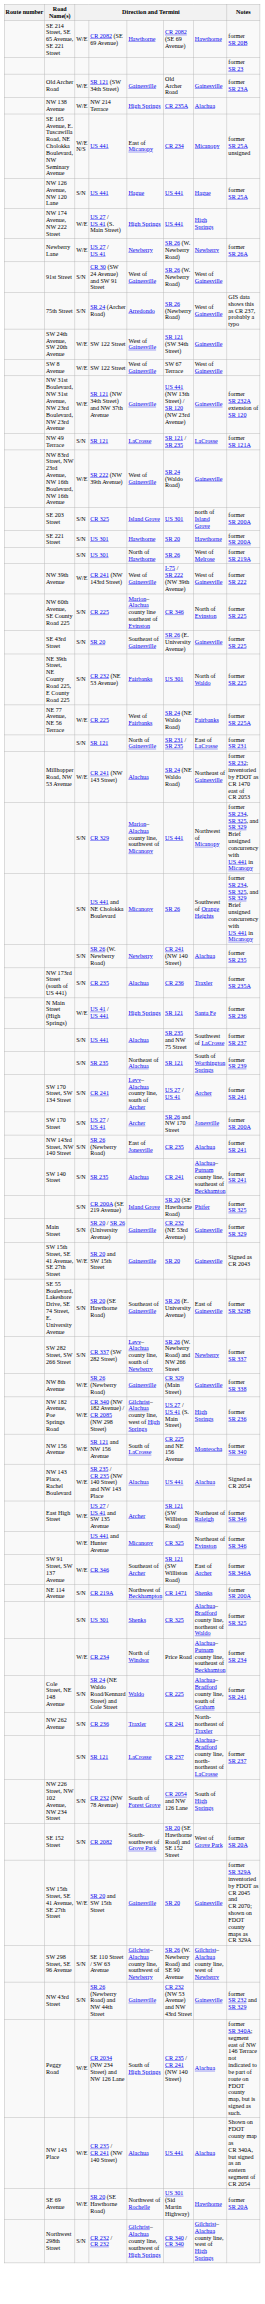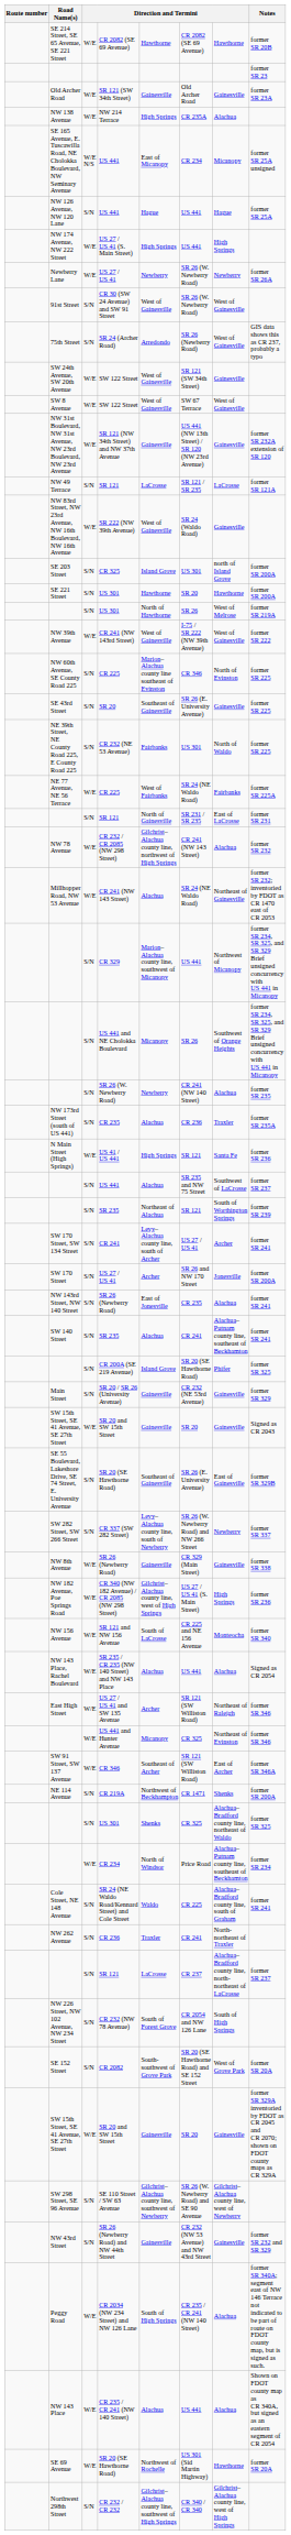 <table class="wikitable">
 <tr>
 <th>Route number</th>
 <th>Road Name(s)</th>
 <th colspan=5>Direction and Termini</th>
 <th>Notes</th>
 </tr>
 <tr>
 <td></td>
 <td>SE 214 Street, SE 65 Avenue, SE 221 Street</td>
 <td>W/E</td>
 <td><a href='#'>CR 2082</a> (SE 69 Avenue)</td>
 <td><a href='#'>Hawthorne</a></td>
 <td><a href='#'>CR 2082</a> (SE 69 Avenue)</td>
 <td><a href='#'>Hawthorne</a></td>
 <td>former <a href='#'>SR 20B</a></td>
 </tr>
 <tr>
 <td></td>
 <td></td>
 <td></td>
 <td></td>
 <td></td>
 <td></td>
 <td></td>
 <td>former <a href='#'>SR 23</a></td>
 </tr>
 <tr>
 <td></td>
 <td>Old Archer Road</td>
 <td>W/E</td>
 <td><a href='#'>SR 121</a> (SW 34th Street)</td>
 <td><a href='#'>Gainesville</a></td>
 <td>Old Archer Road</td>
 <td><a href='#'>Gainesville</a></td>
 <td>former <a href='#'>SR 23A</a></td>
 </tr>
 <tr>
 <td></td>
 <td>NW 138 Avenue</td>
 <td>W/E</td>
 <td>NW 214 Terrace</td>
 <td><a href='#'>High Springs</a></td>
 <td><a href='#'>CR 235A</a></td>
 <td><a href='#'>Alachua</a></td>
 <td></td>
 </tr>
 <tr>
 <td></td>
 <td>SE 165 Avenue, E. Tuscawilla Road, NE Cholokka Boulevard, NW Seminary Avenue</td>
 <td>W/E<br>N/S</td>
 <td><a href='#'>US 441</a></td>
 <td>East of <a href='#'>Micanopy</a></td>
 <td><a href='#'>CR 234</a></td>
 <td><a href='#'>Micanopy</a></td>
 <td>former <a href='#'>SR 25A</a><br>unsigned</td>
 </tr>
 <tr>
 <td></td>
 <td>NW 126 Avenue, NW 120 Lane</td>
 <td>S/N</td>
 <td><a href='#'>US 441</a></td>
 <td><a href='#'>Hague</a></td>
 <td><a href='#'>US 441</a></td>
 <td><a href='#'>Hague</a></td>
 <td>former <a href='#'>SR 25A</a></td>
 </tr>
 <tr>
 <td></td>
 <td>NW 174 Avenue, NW 222 Street</td>
 <td>W/E</td>
 <td><a href='#'>US 27</a> / <a href='#'>US 41</a> (S. Main Street)</td>
 <td><a href='#'>High Springs</a></td>
 <td><a href='#'>US 441</a></td>
 <td><a href='#'>High Springs</a></td>
 <td></td>
 </tr>
 <tr>
 <td></td>
 <td>Newberry Lane</td>
 <td>W/E</td>
 <td><a href='#'>US 27</a> / <a href='#'>US 41</a></td>
 <td><a href='#'>Newberry</a></td>
 <td><a href='#'>SR 26</a> (W. Newberry Road)</td>
 <td><a href='#'>Newberry</a></td>
 <td>former <a href='#'>SR 26A</a></td>
 </tr>
 <tr>
 <td></td>
 <td>91st Street</td>
 <td>S/N</td>
 <td><a href='#'>CR 30</a> (SW 24 Avenue) and SW 91 Street</td>
 <td>West of <a href='#'>Gainesville</a></td>
 <td><a href='#'>SR 26</a> (W. Newberry Road)</td>
 <td>West of <a href='#'>Gainesville</a></td>
 <td></td>
 </tr>
 <tr>
 <td></td>
 <td>75th Street</td>
 <td>S/N</td>
 <td><a href='#'>SR 24</a> (Archer Road)</td>
 <td><a href='#'>Arredondo</a></td>
 <td><a href='#'>SR 26</a> (Newberry Road)</td>
 <td>West of <a href='#'>Gainesville</a></td>
 <td>GIS data shows this as CR 237, probably a typo</td>
 </tr>
 <tr>
 <td></td>
 <td>SW 24th Avenue, SW 20th Avenue</td>
 <td>W/E</td>
 <td>SW 122 Street</td>
 <td>West of <a href='#'>Gainesville</a></td>
 <td><a href='#'>SR 121</a> (SW 34th Street)</td>
 <td><a href='#'>Gainesville</a></td>
 <td></td>
 </tr>
 <tr>
 <td></td>
 <td>SW 8 Avenue</td>
 <td>W/E</td>
 <td>SW 122 Street</td>
 <td>West of <a href='#'>Gainesville</a></td>
 <td>SW 67 Terrace</td>
 <td>West of <a href='#'>Gainesville</a></td>
 <td></td>
 </tr>
 <tr>
 <td></td>
 <td>NW 31st Boulevard, NW 31st Avenue, NW 23rd Boulevard, NW 23rd Avenue</td>
 <td>W/E</td>
 <td><a href='#'>SR 121</a> (NW 34th Street) and NW 37th Avenue</td>
 <td><a href='#'>Gainesville</a></td>
 <td><a href='#'>US 441</a> (NW 13th Street) / <a href='#'>SR 120</a> (NW 23rd Avenue)</td>
 <td><a href='#'>Gainesville</a></td>
 <td>former <a href='#'>SR 232A</a><br>extension of <a href='#'>SR 120</a></td>
 </tr>
 <tr>
 <td></td>
 <td>NW 49 Terrace</td>
 <td>S/N</td>
 <td><a href='#'>SR 121</a></td>
 <td><a href='#'>LaCrosse</a></td>
 <td><a href='#'>SR 121</a> / <a href='#'>SR 235</a></td>
 <td><a href='#'>LaCrosse</a></td>
 <td>former <a href='#'>SR 121A</a></td>
 </tr>
 <tr>
 <td></td>
 <td>NW 83rd Street, NW 23rd Avenue, NW 16th Boulevard, NW 16th Avenue</td>
 <td>W/E</td>
 <td><a href='#'>SR 222</a> (NW 39th Avenue)</td>
 <td>West of <a href='#'>Gainesville</a></td>
 <td><a href='#'>SR 24</a> (Waldo Road)</td>
 <td><a href='#'>Gainesville</a></td>
 <td></td>
 </tr>
 <tr>
 <td></td>
 <td>SE 203 Street</td>
 <td>S/N</td>
 <td><a href='#'>CR 325</a></td>
 <td><a href='#'>Island Grove</a></td>
 <td><a href='#'>US 301</a></td>
 <td>north of <a href='#'>Island Grove</a></td>
 <td>former <a href='#'>SR 200A</a></td>
 </tr>
 <tr>
 <td></td>
 <td>SE 221 Street</td>
 <td>S/N</td>
 <td><a href='#'>US 301</a></td>
 <td><a href='#'>Hawthorne</a></td>
 <td><a href='#'>SR 20</a></td>
 <td><a href='#'>Hawthorne</a></td>
 <td>former <a href='#'>SR 200A</a></td>
 </tr>
 <tr>
 <td></td>
 <td></td>
 <td>S/N</td>
 <td><a href='#'>US 301</a></td>
 <td>North of <a href='#'>Hawthorne</a></td>
 <td><a href='#'>SR 26</a></td>
 <td>West of <a href='#'>Melrose</a></td>
 <td>former <a href='#'>SR 219A</a></td>
 </tr>
 <tr>
 <td></td>
 <td>NW 39th Avenue</td>
 <td>W/E</td>
 <td><a href='#'>CR 241</a> (NW 143rd Street)</td>
 <td>West of <a href='#'>Gainesville</a></td>
 <td><a href='#'>I-75</a> / <a href='#'>SR 222</a> (NW 39th Avenue)</td>
 <td>West of <a href='#'>Gainesville</a></td>
 <td>former <a href='#'>SR 222</a></td>
 </tr>
 <tr>
 <td></td>
 <td>NW 60th Avenue,<br>SE County Road 225</td>
 <td>S/N</td>
 <td><a href='#'>CR 225</a></td>
 <td><a href='#'>Marion</a>–<a href='#'>Alachua</a> county line southeast of <a href='#'>Evinston</a></td>
 <td><a href='#'>CR 346</a></td>
 <td>North of <a href='#'>Evinston</a></td>
 <td>former <a href='#'>SR 225</a></td>
 </tr>
 <tr>
 <td></td>
 <td>SE 43rd Street</td>
 <td>S/N</td>
 <td><a href='#'>SR 20</a></td>
 <td>Southeast of <a href='#'>Gainesville</a></td>
 <td><a href='#'>SR 26</a> (E. University Avenue)</td>
 <td><a href='#'>Gainesville</a></td>
 <td>former <a href='#'>SR 225</a></td>
 </tr>
 <tr>
 <td></td>
 <td>NE 39th Street,<br>NE County Road 225,<br>E County Road 225</td>
 <td>S/N</td>
 <td><a href='#'>CR 232</a> (NE 53 Avenue)</td>
 <td><a href='#'>Fairbanks</a></td>
 <td><a href='#'>US 301</a></td>
 <td>North of <a href='#'>Waldo</a></td>
 <td>former <a href='#'>SR 225</a></td>
 </tr>
 <tr>
 <td></td>
 <td>NE 77 Avenue, NE 56 Terrace</td>
 <td>W/E</td>
 <td><a href='#'>CR 225</a></td>
 <td>West of <a href='#'>Fairbanks</a></td>
 <td><a href='#'>SR 24</a> (NE Waldo Road)</td>
 <td><a href='#'>Fairbanks</a></td>
 <td>former <a href='#'>SR 225A</a></td>
 </tr>
 <tr>
 <td></td>
 <td></td>
 <td>S/N</td>
 <td><a href='#'>SR 121</a></td>
 <td>North of <a href='#'>Gainesville</a></td>
 <td><a href='#'>SR 231</a> / <a href='#'>SR 235</a></td>
 <td>East of <a href='#'>LaCrosse</a></td>
 <td>former <a href='#'>SR 231</a></td>
+</tr>
+<tr>
+<td></td>
+<td>NW 78 Avenue</td>
+<td>W/E</td>
+<td><a href='#'>CR 232</a> / <a href='#'>CR 2085</a> (NW 298 Street)</td>
+<td><a href='#'>Gilchrist</a>–<a href='#'>Alachua</a> county line, northwest of <a href='#'>High Springs</a></td>
+<td><a href='#'>CR 241</a> (NW 143 Street)</td>
+<td><a href='#'>Alachua</a></td>
+<td>former <a href='#'>SR 232</a></td>
 </tr>
 <tr>
 <td></td>
 <td>Millhopper Road, NW 53 Avenue</td>
 <td>W/E</td>
 <td><a href='#'>CR 241</a> (NW 143 Street)</td>
 <td><a href='#'>Alachua</a></td>
 <td><a href='#'>SR 24</a> (NE Waldo Road)</td>
 <td>Northeast of <a href='#'>Gainesville</a></td>
 <td>former <a href='#'>SR 232</a>; inventoried by FDOT as CR 1470 east of CR 2053</td>
 </tr>
 <tr>
 <td></td>
 <td></td>
 <td>S/N</td>
 <td><a href='#'>CR 329</a></td>
 <td><a href='#'>Marion</a>–<a href='#'>Alachua</a> county line, southwest of <a href='#'>Micanopy</a></td>
 <td><a href='#'>US 441</a></td>
 <td>Northwest of <a href='#'>Micanopy</a></td>
 <td>former <a href='#'>SR 234</a>, <a href='#'>SR 325</a>, and <a href='#'>SR 329</a><br>Brief unsigned concurrency with <a href='#'>US 441</a> in <a href='#'>Micanopy</a></td>
 </tr>
 <tr>
 <td></td>
 <td></td>
 <td>S/N</td>
 <td><a href='#'>US 441</a> and NE Cholokka Boulevard</td>
 <td><a href='#'>Micanopy</a></td>
 <td><a href='#'>SR 26</a></td>
 <td>Southwest of <a href='#'>Orange Heights</a></td>
 <td>former <a href='#'>SR 234</a>, <a href='#'>SR 325</a>, and <a href='#'>SR 329</a><br>Brief unsigned concurrency with <a href='#'>US 441</a> in <a href='#'>Micanopy</a></td>
 </tr>
 <tr>
 <td></td>
 <td></td>
 <td>S/N</td>
 <td><a href='#'>SR 26</a> (W. Newberry Road)</td>
 <td><a href='#'>Newberry</a></td>
 <td><a href='#'>CR 241</a> (NW 140 Street)</td>
 <td><a href='#'>Alachua</a></td>
 <td>former <a href='#'>SR 235</a></td>
 </tr>
 <tr>
 <td></td>
 <td>NW 173rd Street (south of US 441)</td>
 <td>S/N</td>
 <td><a href='#'>CR 235</a></td>
 <td><a href='#'>Alachua</a></td>
 <td><a href='#'>CR 236</a></td>
 <td><a href='#'>Traxler</a></td>
 <td>former <a href='#'>SR 235A</a></td>
 </tr>
 <tr>
 <td></td>
 <td>N Main Street (High Springs)</td>
 <td>W/E</td>
 <td><a href='#'>US 41</a> / <a href='#'>US 441</a></td>
 <td><a href='#'>High Springs</a></td>
 <td><a href='#'>SR 121</a></td>
 <td><a href='#'>Santa Fe</a></td>
 <td>former <a href='#'>SR 236</a></td>
 </tr>
 <tr>
 <td></td>
 <td></td>
 <td>S/N</td>
 <td><a href='#'>US 441</a></td>
 <td><a href='#'>Alachua</a></td>
 <td><a href='#'>SR 235</a> and NW 75 Street</td>
 <td>Southwest of <a href='#'>LaCrosse</a></td>
 <td>former <a href='#'>SR 237</a></td>
 </tr>
 <tr>
 <td></td>
 <td></td>
 <td>S/N</td>
 <td><a href='#'>SR 235</a></td>
 <td>Northeast of <a href='#'>Alachua</a></td>
 <td><a href='#'>SR 121</a></td>
 <td>South of <a href='#'>Worthington Springs</a></td>
 <td>former <a href='#'>SR 239</a></td>
 </tr>
 <tr>
 <td></td>
 <td>SW 170 Street, SW 134 Street</td>
 <td>S/N</td>
 <td><a href='#'>CR 241</a></td>
 <td><a href='#'>Levy</a>–<a href='#'>Alachua</a> county line, south of <a href='#'>Archer</a></td>
 <td><a href='#'>US 27</a> / <a href='#'>US 41</a></td>
 <td><a href='#'>Archer</a></td>
 <td>former <a href='#'>SR 241</a></td>
 </tr>
 <tr>
 <td></td>
 <td>SW 170 Street</td>
 <td>S/N</td>
 <td><a href='#'>US 27</a> / <a href='#'>US 41</a></td>
 <td><a href='#'>Archer</a></td>
 <td><a href='#'>SR 26</a> and NW 170 Street</td>
 <td><a href='#'>Jonesville</a></td>
 <td>former <a href='#'>SR 200A</a></td>
 </tr>
 <tr>
 <td></td>
 <td>NW 143rd Street, NW 140 Street</td>
 <td>S/N</td>
 <td><a href='#'>SR 26</a> (Newberry Road)</td>
 <td>East of <a href='#'>Jonesville</a></td>
 <td><a href='#'>CR 235</a></td>
 <td><a href='#'>Alachua</a></td>
 <td>former <a href='#'>SR 241</a></td>
 </tr>
 <tr>
 <td></td>
 <td>SW 140 Street</td>
 <td>S/N</td>
 <td><a href='#'>SR 235</a></td>
 <td><a href='#'>Alachua</a></td>
 <td><a href='#'>CR 241</a></td>
 <td><a href='#'>Alachua</a>–<a href='#'>Putnam</a> county line, southeast of <a href='#'>Beckhamton</a></td>
 <td>former <a href='#'>SR 241</a></td>
 </tr>
 <tr>
 <td></td>
 <td></td>
 <td>S/N</td>
 <td><a href='#'>CR 200A</a> (SE 219 Avenue)</td>
 <td><a href='#'>Island Grove</a></td>
 <td><a href='#'>SR 20</a> (SE Hawthorne Road)</td>
 <td><a href='#'>Phifer</a></td>
 <td>former <a href='#'>SR 325</a></td>
 </tr>
 <tr>
 <td></td>
 <td>Main Street</td>
 <td>S/N</td>
 <td><a href='#'>SR 20</a> / <a href='#'>SR 26</a> (University Avenue)</td>
 <td><a href='#'>Gainesville</a></td>
 <td><a href='#'>CR 232</a> (NE 53rd Avenue)</td>
 <td><a href='#'>Gainesville</a></td>
 <td>former <a href='#'>SR 329</a></td>
 </tr>
 <tr>
 <td></td>
 <td>SW 15th Street, SE 41 Avenue, SE 27th Street</td>
 <td>W/E</td>
 <td><a href='#'>SR 20</a> and SW 15th Street</td>
 <td><a href='#'>Gainesville</a></td>
 <td><a href='#'>SR 20</a></td>
 <td><a href='#'>Gainesville</a></td>
 <td>Signed as CR 2043</td>
 </tr>
 <tr>
 <td></td>
 <td>SE 55 Boulevard, Lakeshore Drive, SE 74 Street, E. University Avenue</td>
 <td>S/N</td>
 <td><a href='#'>SR 20</a> (SE Hawthorne Road)</td>
 <td>Southeast of <a href='#'>Gainesville</a></td>
 <td><a href='#'>SR 26</a> (E. University Avenue)</td>
 <td>East of <a href='#'>Gainesville</a></td>
 <td>former <a href='#'>SR 329B</a></td>
 </tr>
 <tr>
 <td></td>
 <td>SW 282 Street, SW 266 Street</td>
 <td>S/N</td>
 <td><a href='#'>CR 337</a> (SW 282 Street)</td>
 <td><a href='#'>Levy</a>–<a href='#'>Alachua</a> county line, south of <a href='#'>Newberry</a></td>
 <td><a href='#'>SR 26</a> (W. Newberry Road) and NW 266 Street</td>
 <td><a href='#'>Newberry</a></td>
 <td>former <a href='#'>SR 337</a></td>
 </tr>
 <tr>
 <td></td>
 <td>NW 8th Avenue</td>
 <td>W/E</td>
 <td><a href='#'>SR 26</a> (Newberry Road)</td>
 <td><a href='#'>Gainesville</a></td>
 <td><a href='#'>CR 329</a> (Main Street)</td>
 <td><a href='#'>Gainesville</a></td>
 <td>former <a href='#'>SR 338</a></td>
 </tr>
 <tr>
 <td></td>
 <td>NW 182 Avenue, Poe Springs Road</td>
 <td>W/E</td>
 <td><a href='#'>CR 340</a> (NW 182 Avenue) / <a href='#'>CR 2085</a> (NW 298 Street)</td>
 <td><a href='#'>Gilchrist</a>–<a href='#'>Alachua</a> county line, west of <a href='#'>High Springs</a></td>
 <td><a href='#'>US 27</a> / <a href='#'>US 41</a> (S. Main Street)</td>
 <td><a href='#'>High Springs</a></td>
 <td>former <a href='#'>SR 236</a></td>
 </tr>
 <tr>
 <td></td>
 <td>NW 156 Avenue</td>
 <td>W/E</td>
 <td><a href='#'>SR 121</a> and NW 156 Avenue</td>
 <td>South of <a href='#'>LaCrosse</a></td>
 <td><a href='#'>CR 225</a> and NE 156 Avenue</td>
 <td><a href='#'>Monteocha</a></td>
 <td>former <a href='#'>SR 340</a></td>
 </tr>
 <tr>
 <td></td>
 <td>NW 143 Place, Rachel Boulevard</td>
 <td>W/E</td>
 <td><a href='#'>SR 235</a> / <a href='#'>CR 235</a> (NW 140 Street) and NW 143 Place</td>
 <td><a href='#'>Alachua</a></td>
 <td><a href='#'>US 441</a></td>
 <td><a href='#'>Alachua</a></td>
 <td>Signed as CR 2054</td>
 </tr>
 <tr>
 <td></td>
 <td>East High Street</td>
 <td>W/E</td>
 <td><a href='#'>US 27</a> / <a href='#'>US 41</a> and SW 135 Avenue</td>
 <td><a href='#'>Archer</a></td>
 <td><a href='#'>SR 121</a> (SW Williston Road)</td>
 <td>Northeast of <a href='#'>Raleigh</a></td>
 <td>former <a href='#'>SR 346</a></td>
 </tr>
 <tr>
 <td></td>
 <td></td>
 <td>W/E</td>
 <td><a href='#'>US 441</a> and Hunter Avenue</td>
 <td><a href='#'>Micanopy</a></td>
 <td><a href='#'>CR 325</a></td>
 <td>Northeast of <a href='#'>Evinston</a></td>
 <td>former <a href='#'>SR 346</a></td>
 </tr>
 <tr>
 <td></td>
 <td>SW 91 Street, SW 137 Avenue</td>
 <td>W/E</td>
 <td><a href='#'>CR 346</a></td>
 <td>Southeast of <a href='#'>Archer</a></td>
 <td><a href='#'>SR 121</a> (SW Williston Road)</td>
 <td>East of <a href='#'>Archer</a></td>
 <td>former <a href='#'>SR 346A</a></td>
 </tr>
 <tr>
 <td></td>
 <td>NE 114 Avenue</td>
 <td>S/N</td>
 <td><a href='#'>CR 219A</a></td>
 <td>Northwest of <a href='#'>Beckhampton</a></td>
 <td><a href='#'>CR 1471</a></td>
 <td><a href='#'>Shenks</a></td>
 <td>former <a href='#'>SR 200A</a></td>
 </tr>
 <tr>
 <td></td>
 <td></td>
 <td>S/N</td>
 <td><a href='#'>US 301</a></td>
 <td><a href='#'>Shenks</a></td>
 <td><a href='#'>CR 325</a></td>
 <td><a href='#'>Alachua</a>–<a href='#'>Bradford</a> county line, northeast of <a href='#'>Waldo</a></td>
 <td>former <a href='#'>SR 325</a></td>
 </tr>
 <tr>
 <td></td>
 <td></td>
 <td>W/E</td>
 <td><a href='#'>CR 234</a></td>
 <td>North of <a href='#'>Windsor</a></td>
 <td>Price Road</td>
 <td><a href='#'>Alachua</a>–<a href='#'>Putnam</a> county line, southeast of <a href='#'>Beckhamton</a></td>
 <td>former <a href='#'>SR 234</a></td>
 </tr>
 <tr>
 <td></td>
 <td>Cole Street, NE 148 Avenue</td>
 <td>S/N</td>
 <td><a href='#'>SR 24</a> (NE Waldo Road/Kennard Street) and Cole Street</td>
 <td><a href='#'>Waldo</a></td>
 <td><a href='#'>CR 225</a></td>
 <td><a href='#'>Alachua</a>–<a href='#'>Bradford</a> county line, south of <a href='#'>Graham</a></td>
 <td>former <a href='#'>SR 241</a></td>
 </tr>
 <tr>
 <td></td>
 <td>NW 262 Avenue</td>
 <td>S/N</td>
 <td><a href='#'>CR 236</a></td>
 <td><a href='#'>Traxler</a></td>
 <td><a href='#'>CR 241</a></td>
 <td>North-northeast of <a href='#'>Traxler</a></td>
 <td></td>
 </tr>
 <tr>
 <td></td>
 <td></td>
 <td>S/N</td>
 <td><a href='#'>SR 121</a></td>
 <td><a href='#'>LaCrosse</a></td>
 <td><a href='#'>CR 237</a></td>
 <td><a href='#'>Alachua</a>–<a href='#'>Bradford</a> county line, north-northeast of <a href='#'>LaCrosse</a></td>
 <td>former <a href='#'>SR 237</a></td>
 </tr>
 <tr>
 <td></td>
 <td>NW 226 Street, NW 102 Avenue, NW 234 Street</td>
 <td>S/N</td>
 <td><a href='#'>CR 232</a> (NW 78 Avenue)</td>
 <td>South of <a href='#'>Forest Grove</a></td>
 <td><a href='#'>CR 2054</a> and NW 126 Lane</td>
 <td>South of <a href='#'>High Springs</a></td>
 <td></td>
 </tr>
 <tr>
 <td></td>
 <td>SE 152 Street</td>
 <td>S/N</td>
 <td><a href='#'>CR 2082</a></td>
 <td>South-southwest of <a href='#'>Grove Park</a></td>
 <td><a href='#'>SR 20</a> (SE Hawthorne Road) and SE 152 Street</td>
 <td>West of <a href='#'>Grove Park</a></td>
 <td>former <a href='#'>SR 20A</a></td>
 </tr>
 <tr>
 <td></td>
 <td>SW 15th Street, SE 41 Avenue, SE 27th Street</td>
 <td>W/E</td>
 <td><a href='#'>SR 20</a> and SW 15th Street</td>
 <td><a href='#'>Gainesville</a></td>
 <td><a href='#'>SR 20</a></td>
 <td><a href='#'>Gainesville</a></td>
 <td>former <a href='#'>SR 329A</a><br>inventoried by FDOT as CR 2045 and CR 2070; shown on FDOT county maps as CR 329A</td>
 </tr>
 <tr>
 <td></td>
 <td>SW 298 Street, SE 96 Avenue</td>
 <td>S/N</td>
 <td>SE 110 Street / SW 63 Avenue</td>
 <td><a href='#'>Gilchrist</a>–<a href='#'>Alachua</a> county line, southwest of <a href='#'>Newberry</a></td>
 <td><a href='#'>SR 26</a> (W. Newberry Road) and SE 90 Avenue</td>
 <td><a href='#'>Gilchrist</a>–<a href='#'>Alachua</a> county line, west of <a href='#'>Newberry</a></td>
 <td></td>
 </tr>
 <tr>
 <td></td>
 <td>NW 43rd Street</td>
 <td>S/N</td>
 <td><a href='#'>SR 26</a> (Newberry Road) and NW 44th Street</td>
 <td><a href='#'>Gainesville</a></td>
 <td><a href='#'>CR 232</a> (NW 53 Avenue) and NW 43rd Street</td>
 <td><a href='#'>Gainesville</a></td>
 <td>former <a href='#'>SR 232</a> and <a href='#'>SR 329</a></td>
 </tr>
 <tr>
 <td></td>
 <td>Peggy Road</td>
 <td>W/E</td>
 <td><a href='#'>CR 2034</a> (NW 234 Street) and NW 126 Lane</td>
 <td>South of <a href='#'>High Springs</a></td>
 <td><a href='#'>CR 235</a> / <a href='#'>CR 241</a> (NW 140 Street)</td>
 <td><a href='#'>Alachua</a></td>
 <td>former <a href='#'>SR 340A</a>; segment east of NW 146 Terrace not indicated to be part of route on FDOT county map, but is signed as such.</td>
 </tr>
 <tr>
 <td></td>
 <td>NW 143 Place</td>
 <td>W/E</td>
 <td><a href='#'>CR 235</a> / <a href='#'>CR 241</a> (NW 140 Street)</td>
 <td><a href='#'>Alachua</a></td>
 <td><a href='#'>US 441</a></td>
 <td><a href='#'>Alachua</a></td>
 <td>Shown on FDOT county map as CR 340A, but signed as an eastern segment of CR 2054</td>
 </tr>
 <tr>
 <td></td>
 <td>SE 69 Avenue</td>
 <td>W/E</td>
 <td><a href='#'>SR 20</a> (SE Hawthorne Road)</td>
 <td>Northwest of <a href='#'>Rochelle</a></td>
 <td><a href='#'>US 301</a> (Sid Martin Highway)</td>
 <td><a href='#'>Hawthorne</a></td>
 <td>former <a href='#'>SR 20A</a></td>
 </tr>
 <tr>
 <td></td>
 <td>Northwest 298th Street</td>
 <td>S/N</td>
 <td><a href='#'>CR 232</a> / <a href='#'>CR 232</a></td>
 <td><a href='#'>Gilchrist</a>–<a href='#'>Alachua</a> county line, southwest of <a href='#'>High Springs</a></td>
 <td><a href='#'>CR 340</a> / <a href='#'>CR 340</a></td>
 <td><a href='#'>Gilchrist</a>–<a href='#'>Alachua</a> county line, west of <a href='#'>High Springs</a></td>
 <td></td>
 </tr>
 </table>
